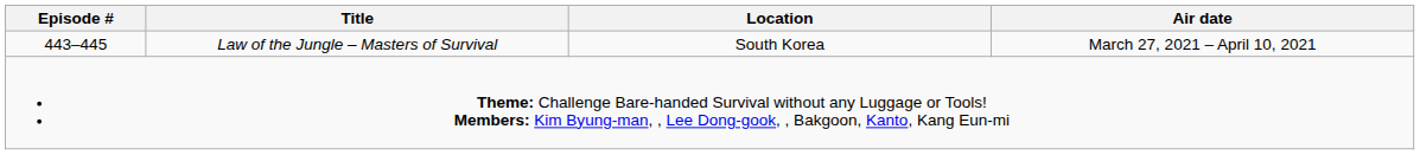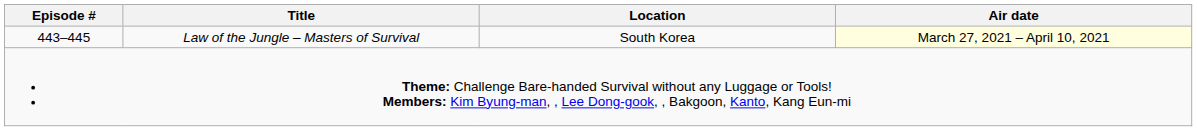 <table class="wikitable" style="text-align:center; font-size:90%; width:100%;">
 <tr>
 <th width="10%">Episode #</th>
 <th width="30%">Title</th>
 <th width="30%">Location</th>
 <th width="30%">Air date</th>
 </tr>
 <tr>
 <td>443–445</td>
 <td><em>Law of the Jungle – Masters of Survival</em></td>
 <td>South Korea</td>
-<td>March 27, 2021 – April 10, 2021</td>
+<td style="background: lightyellow;">March 27, 2021 – April 10, 2021</td>
 </tr>
 <tr>
 <td colspan="4"><br><ul><li><strong>Theme:</strong> Challenge Bare-handed Survival without any Luggage or Tools!</li><li><strong>Members:</strong> <a href='#'>Kim Byung-man</a>, , <a href='#'>Lee Dong-gook</a>, , Bakgoon, <a href='#'>Kanto</a>, Kang Eun-mi</li></ul></td>
 </tr>
 </table>
